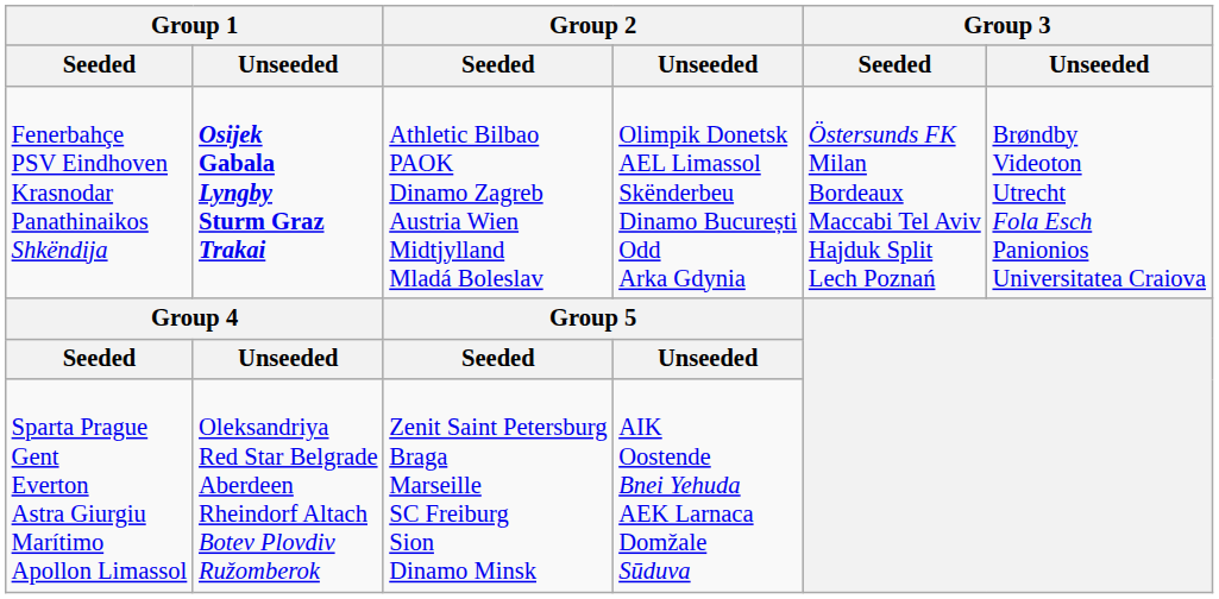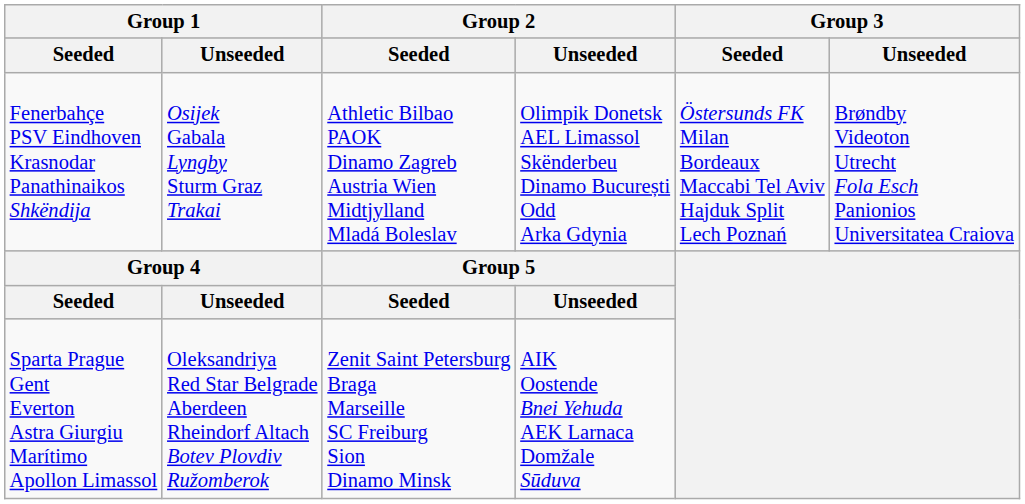 <table class="wikitable" style="font-size:85%">
 <tr>
 <th colspan=2>Group 1</th>
 <th colspan=2>Group 2</th>
 <th colspan=2>Group 3</th>
 </tr>
 <tr>
 <th>Seeded</th>
 <th>Unseeded</th>
 <th>Seeded</th>
 <th>Unseeded</th>
 <th>Seeded</th>
 <th>Unseeded</th>
 </tr>
 <tr>
 <td valign=top><br> <a href='#'>Fenerbahçe</a> <br>  <a href='#'>PSV Eindhoven</a> <br>  <a href='#'>Krasnodar</a> <br>  <a href='#'>Panathinaikos</a> <br>  <em><a href='#'>Shkëndija</a></em> </td>
-<td valign=top><strong><br> <em><a href='#'>Osijek</a></em> <br>  <a href='#'>Gabala</a> <br>  <em><a href='#'>Lyngby</a></em> <br>  <a href='#'>Sturm Graz</a> <br>  <em><a href='#'>Trakai</a></em> </strong></td>
+<td valign=top><br> <em><a href='#'>Osijek</a></em> <br>  <a href='#'>Gabala</a> <br>  <em><a href='#'>Lyngby</a></em> <br>  <a href='#'>Sturm Graz</a> <br>  <em><a href='#'>Trakai</a></em> </td>
 <td valign=top><br> <a href='#'>Athletic Bilbao</a> <br>  <a href='#'>PAOK</a> <br>  <a href='#'>Dinamo Zagreb</a> <br>  <a href='#'>Austria Wien</a> <br>  <a href='#'>Midtjylland</a> <br>  <a href='#'>Mladá Boleslav</a> </td>
 <td valign=top><br> <a href='#'>Olimpik Donetsk</a> <br>  <a href='#'>AEL Limassol</a> <br>  <a href='#'>Skënderbeu</a> <br>  <a href='#'>Dinamo București</a> <br>  <a href='#'>Odd</a> <br>  <a href='#'>Arka Gdynia</a> </td>
 <td valign=top><br> <em><a href='#'>Östersunds FK</a></em> <br>  <a href='#'>Milan</a> <br>  <a href='#'>Bordeaux</a> <br>  <a href='#'>Maccabi Tel Aviv</a> <br>  <a href='#'>Hajduk Split</a> <br>  <a href='#'>Lech Poznań</a> </td>
 <td valign=top><br> <a href='#'>Brøndby</a> <br>  <a href='#'>Videoton</a> <br>  <a href='#'>Utrecht</a> <br>  <em><a href='#'>Fola Esch</a></em> <br>  <a href='#'>Panionios</a> <br>  <a href='#'>Universitatea Craiova</a> </td>
 </tr>
 <tr>
 <th colspan=2>Group 4</th>
 <th colspan=2>Group 5</th>
 <th rowspan=3 colspan=2></th>
 </tr>
 <tr>
 <th>Seeded</th>
 <th>Unseeded</th>
 <th>Seeded</th>
 <th>Unseeded</th>
 </tr>
 <tr>
 <td valign=top><br> <a href='#'>Sparta Prague</a> <br>  <a href='#'>Gent</a> <br>  <a href='#'>Everton</a> <br>  <a href='#'>Astra Giurgiu</a> <br>  <a href='#'>Marítimo</a> <br>  <a href='#'>Apollon Limassol</a> </td>
 <td valign=top><br> <a href='#'>Oleksandriya</a> <br>  <a href='#'>Red Star Belgrade</a> <br>  <a href='#'>Aberdeen</a> <br>  <a href='#'>Rheindorf Altach</a> <br>  <em><a href='#'>Botev Plovdiv</a></em> <br>  <em><a href='#'>Ružomberok</a></em> </td>
 <td valign=top><br> <a href='#'>Zenit Saint Petersburg</a> <br>  <a href='#'>Braga</a> <br>  <a href='#'>Marseille</a> <br>  <a href='#'>SC Freiburg</a> <br>  <a href='#'>Sion</a> <br>  <a href='#'>Dinamo Minsk</a> </td>
 <td valign=top><br> <a href='#'>AIK</a> <br>  <a href='#'>Oostende</a> <br>  <em><a href='#'>Bnei Yehuda</a></em> <br>  <a href='#'>AEK Larnaca</a> <br>  <a href='#'>Domžale</a> <br>  <em><a href='#'>Sūduva</a></em> </td>
 </tr>
 </table>
